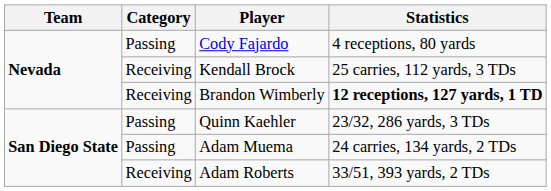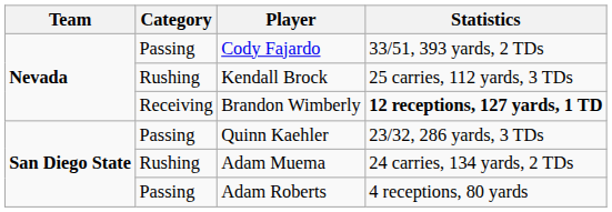 <table class="wikitable" style="float: left;">
 <tr>
 <th>Team</th>
 <th>Category</th>
 <th>Player</th>
 <th>Statistics</th>
 </tr>
 <tr>
 <td rowspan=3><strong>Nevada</strong></td>
 <td>Passing</td>
 <td><a href='#'>Cody Fajardo</a></td>
-<td>4 receptions, 80 yards</td>
+<td>33/51, 393 yards, 2 TDs</td>
 </tr>
 <tr>
-<td>Receiving</td>
+<td>Rushing</td>
 <td>Kendall Brock</td>
 <td>25 carries, 112 yards, 3 TDs</td>
 </tr>
 <tr>
 <td>Receiving</td>
 <td>Brandon Wimberly</td>
 <td><strong>12 receptions, 127 yards, 1 TD</strong></td>
 </tr>
 <tr>
 <td rowspan=3><strong>San Diego State</strong></td>
 <td>Passing</td>
 <td>Quinn Kaehler</td>
 <td>23/32, 286 yards, 3 TDs</td>
 </tr>
 <tr>
-<td>Passing</td>
+<td>Rushing</td>
 <td>Adam Muema</td>
 <td>24 carries, 134 yards, 2 TDs</td>
 </tr>
 <tr>
-<td>Receiving</td>
+<td>Passing</td>
 <td>Adam Roberts</td>
-<td>33/51, 393 yards, 2 TDs</td>
+<td>4 receptions, 80 yards</td>
 </tr>
 </table>
